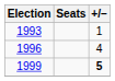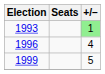 <table class=wikitable style="text-align:center;">
 <tr>
 <th>Election</th>
 <th>Seats</th>
 <th>+/–</th>
 </tr>
 <tr>
 <td><a href='#'>1993</a></td>
 <td></td>
-<td> 1</td>
+<td style="background: lightgreen;"> 1</td>
 </tr>
 <tr>
 <td><a href='#'>1996</a></td>
 <td></td>
 <td> 4</td>
 </tr>
 <tr>
 <td><a href='#'>1999</a></td>
 <td></td>
-<td><strong> 5</strong></td>
+<td> 5</td>
 </tr>
 <tr>
 </tr>
 </table>
